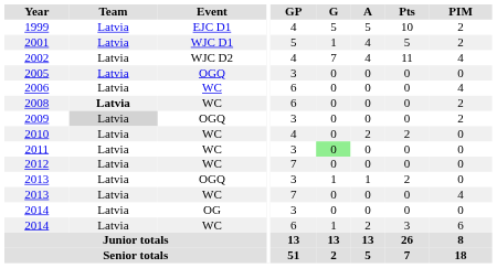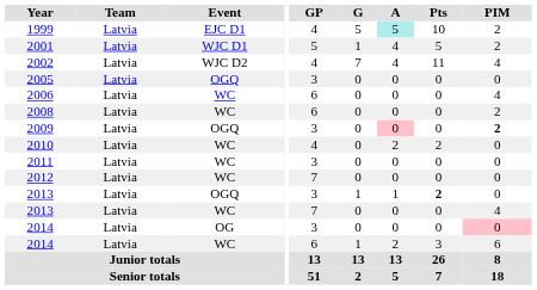 <table border="0" cellpadding="1" cellspacing="0" ID="Table3" style="text-align:center; width:40em">
 <tr ALIGN="center" bgcolor="#e0e0e0">
 <th>Year</th>
 <th>Team</th>
 <th>Event</th>
 <th rowspan="102" bgcolor="#ffffff"></th>
 <th>GP</th>
 <th>G</th>
 <th>A</th>
 <th>Pts</th>
 <th>PIM</th>
 </tr>
 <tr>
 <td><a href='#'>1999</a></td>
 <td><a href='#'>Latvia</a></td>
 <td><a href='#'>EJC D1</a></td>
 <td>4</td>
 <td>5</td>
-<td>5</td>
+<td style="background: paleturquoise;">5</td>
 <td>10</td>
 <td>2</td>
 </tr>
 <tr bgcolor="#f0f0f0">
 <td><a href='#'>2001</a></td>
 <td><a href='#'>Latvia</a></td>
 <td><a href='#'>WJC D1</a></td>
 <td>5</td>
 <td>1</td>
 <td>4</td>
 <td>5</td>
 <td>2</td>
 </tr>
 <tr>
 <td><a href='#'>2002</a></td>
 <td>Latvia</td>
 <td>WJC D2</td>
 <td>4</td>
 <td>7</td>
 <td>4</td>
 <td>11</td>
 <td>4</td>
 </tr>
 <tr bgcolor="#f0f0f0">
 <td><a href='#'>2005</a></td>
 <td><a href='#'>Latvia</a></td>
 <td><a href='#'>OGQ</a></td>
 <td>3</td>
 <td>0</td>
 <td>0</td>
 <td>0</td>
 <td>0</td>
 </tr>
 <tr>
 <td><a href='#'>2006</a></td>
 <td>Latvia</td>
 <td><a href='#'>WC</a></td>
 <td>6</td>
 <td>0</td>
 <td>0</td>
 <td>0</td>
 <td>4</td>
 </tr>
 <tr bgcolor="#f0f0f0">
 <td><a href='#'>2008</a></td>
-<td><strong>Latvia</strong></td>
+<td>Latvia</td>
 <td>WC</td>
 <td>6</td>
 <td>0</td>
 <td>0</td>
 <td>0</td>
 <td>2</td>
 </tr>
 <tr>
 <td><a href='#'>2009</a></td>
-<td style="background: lightgrey;">Latvia</td>
+<td>Latvia</td>
 <td>OGQ</td>
 <td>3</td>
 <td>0</td>
+<td style="background: pink;">0</td>
 <td>0</td>
-<td>0</td>
-<td>2</td>
+<td><strong>2</strong></td>
 </tr>
 <tr bgcolor="#f0f0f0">
 <td><a href='#'>2010</a></td>
 <td>Latvia</td>
 <td>WC</td>
 <td>4</td>
 <td>0</td>
 <td>2</td>
 <td>2</td>
 <td>0</td>
 </tr>
 <tr>
 <td><a href='#'>2011</a></td>
 <td>Latvia</td>
 <td>WC</td>
 <td>3</td>
-<td style="background: lightgreen;">0</td>
+<td>0</td>
 <td>0</td>
 <td>0</td>
 <td>0</td>
 </tr>
 <tr bgcolor="#f0f0f0">
 <td><a href='#'>2012</a></td>
 <td>Latvia</td>
 <td>WC</td>
 <td>7</td>
 <td>0</td>
 <td>0</td>
 <td>0</td>
 <td>0</td>
 </tr>
 <tr>
 <td><a href='#'>2013</a></td>
 <td>Latvia</td>
 <td>OGQ</td>
 <td>3</td>
 <td>1</td>
 <td>1</td>
-<td>2</td>
+<td><strong>2</strong></td>
 <td>0</td>
 </tr>
 <tr bgcolor="#f0f0f0">
 <td><a href='#'>2013</a></td>
 <td>Latvia</td>
 <td>WC</td>
 <td>7</td>
 <td>0</td>
 <td>0</td>
 <td>0</td>
 <td>4</td>
 </tr>
 <tr>
 <td><a href='#'>2014</a></td>
 <td>Latvia</td>
 <td>OG</td>
 <td>3</td>
 <td>0</td>
 <td>0</td>
 <td>0</td>
-<td>0</td>
+<td style="background: pink;">0</td>
 </tr>
 <tr bgcolor="#f0f0f0">
 <td><a href='#'>2014</a></td>
 <td>Latvia</td>
 <td>WC</td>
 <td>6</td>
 <td>1</td>
 <td>2</td>
 <td>3</td>
 <td>6</td>
 </tr>
 <tr bgcolor="#e0e0e0">
 <th colspan=3>Junior totals</th>
 <th>13</th>
 <th>13</th>
 <th>13</th>
 <th>26</th>
 <th>8</th>
 </tr>
 <tr bgcolor="#e0e0e0">
 <th colspan=3>Senior totals</th>
 <th>51</th>
 <th>2</th>
 <th>5</th>
 <th>7</th>
 <th>18</th>
 </tr>
 </table>
